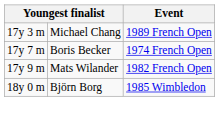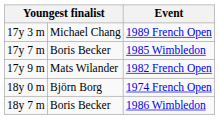 <table class="wikitable" style="display:inline-table;">
 <tr>
 <th colspan=2>Youngest finalist</th>
 <th>Event</th>
 </tr>
 <tr>
 <td>17y 3 m</td>
 <td> Michael Chang</td>
 <td><a href='#'>1989 French Open</a></td>
 </tr>
 <tr>
 <td>17y 7 m</td>
 <td> Boris Becker</td>
-<td><a href='#'>1974 French Open</a></td>
+<td><a href='#'>1985 Wimbledon</a></td>
 </tr>
 <tr>
 <td>17y 9 m</td>
 <td> Mats Wilander</td>
 <td><a href='#'>1982 French Open</a></td>
 </tr>
 <tr>
 <td>18y 0 m</td>
 <td> Björn Borg</td>
-<td><a href='#'>1985 Wimbledon</a></td>
+<td><a href='#'>1974 French Open</a></td>
+</tr>
+<tr>
+<td>18y 7 m</td>
+<td> Boris Becker</td>
+<td><a href='#'>1986 Wimbledon</a></td>
 </tr>
 </table>
